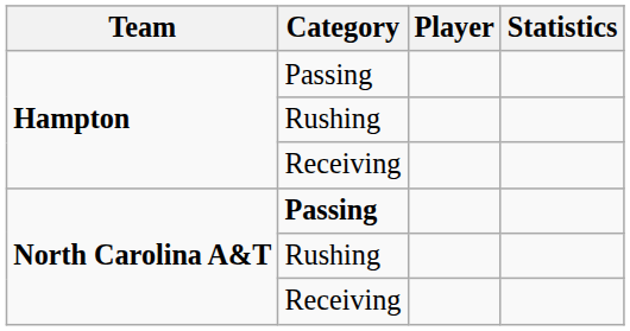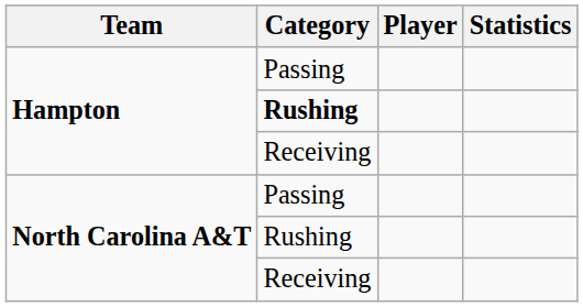 <table class="wikitable" style="float: right;">
 <tr>
 <th>Team</th>
 <th>Category</th>
 <th>Player</th>
 <th>Statistics</th>
 </tr>
 <tr>
 <td rowspan=3><strong>Hampton</strong></td>
 <td>Passing</td>
 <td></td>
 <td></td>
 </tr>
 <tr>
-<td>Rushing</td>
+<td><strong>Rushing</strong></td>
 <td></td>
 <td></td>
 </tr>
 <tr>
 <td>Receiving</td>
 <td></td>
 <td></td>
 </tr>
 <tr>
 <td rowspan=3><strong>North Carolina A&T</strong></td>
-<td><strong>Passing</strong></td>
+<td>Passing</td>
 <td></td>
 <td></td>
 </tr>
 <tr>
 <td>Rushing</td>
 <td></td>
 <td></td>
 </tr>
 <tr>
 <td>Receiving</td>
 <td></td>
 <td></td>
 </tr>
 </table>
